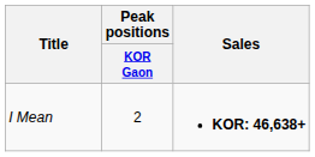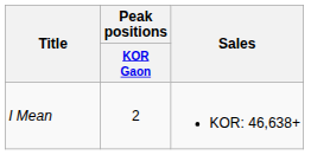 <table class="wikitable" style="text-align:center;">
 <tr>
 <th rowspan=2 width="100">Title</th>
 <th>Peak positions</th>
 <th rowspan=2>Sales</th>
 </tr>
 <tr>
 <th width="40"><small><a href='#'>KOR<br>Gaon</a></small></th>
 </tr>
 <tr>
 <td align="left"><em>I Mean</em></td>
 <td align=center>2</td>
-<td><strong><br><ul><li>KOR: 46,638+</li></ul></strong></td>
+<td><br><ul><li>KOR: 46,638+</li></ul></td>
 </tr>
 </table>
